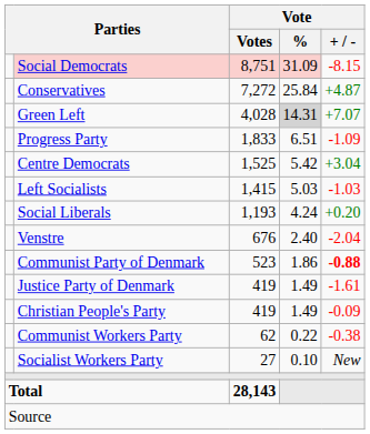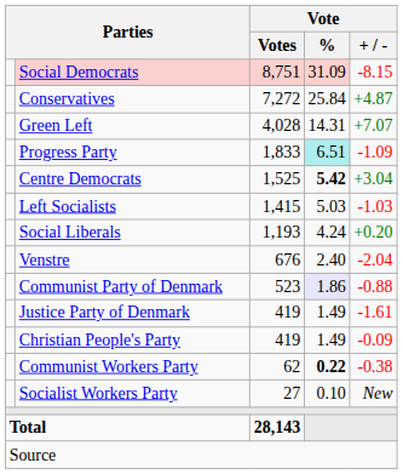 <table class="wikitable" style="text-align:right;">
 <tr>
 <th style="text-align:centre;" rowspan="2" colspan="2" width="225">Parties</th>
 <th colspan="3">Vote</th>
 </tr>
 <tr>
 <th width="15">Votes</th>
 <th width="15">%</th>
 <th width="15">+ / -</th>
 </tr>
 <tr>
 <td width="2" style="color:inherit;background:"></td>
 <td bgcolor=#fbd0ce  align="left"><a href='#'>Social Democrats</a></td>
 <td bgcolor=#fbd0ce>8,751</td>
 <td bgcolor=#fbd0ce>31.09</td>
 <td style=color:red;>-8.15</td>
 </tr>
 <tr>
 <td width="2" style="color:inherit;background:"></td>
 <td align="left"><a href='#'>Conservatives</a></td>
 <td>7,272</td>
 <td>25.84</td>
 <td style=color:green;>+4.87</td>
 </tr>
 <tr>
 <td width="2" style="color:inherit;background:"></td>
 <td align="left"><a href='#'>Green Left</a></td>
 <td>4,028</td>
-<td style="background: lightgrey;">14.31</td>
+<td>14.31</td>
 <td style=color:green;>+7.07</td>
 </tr>
 <tr>
 <td width="2" style="color:inherit;background:"></td>
 <td align="left"><a href='#'>Progress Party</a></td>
 <td>1,833</td>
-<td>6.51</td>
+<td style="background: paleturquoise;">6.51</td>
 <td style=color:red;>-1.09</td>
 </tr>
 <tr>
 <td width="2" style="color:inherit;background:"></td>
 <td align="left"><a href='#'>Centre Democrats</a></td>
 <td>1,525</td>
-<td>5.42</td>
+<td><strong>5.42</strong></td>
 <td style=color:green;>+3.04</td>
 </tr>
 <tr>
 <td width="2" style="color:inherit;background:"></td>
 <td align="left"><a href='#'>Left Socialists</a></td>
 <td>1,415</td>
 <td>5.03</td>
 <td style=color:red;>-1.03</td>
 </tr>
 <tr>
 <td width="2" style="color:inherit;background:"></td>
 <td align="left"><a href='#'>Social Liberals</a></td>
 <td>1,193</td>
 <td>4.24</td>
 <td style=color:green;>+0.20</td>
 </tr>
 <tr>
 <td width="2" style="color:inherit;background:"></td>
 <td align="left"><a href='#'>Venstre</a></td>
 <td>676</td>
 <td>2.40</td>
 <td style=color:red;>-2.04</td>
 </tr>
 <tr>
 <td width="2" style="color:inherit;background:"></td>
 <td align="left"><a href='#'>Communist Party of Denmark</a></td>
 <td>523</td>
-<td>1.86</td>
-<td style=color:red;><strong>-0.88</strong></td>
+<td style="background: lavender;">1.86</td>
+<td style=color:red;>-0.88</td>
 </tr>
 <tr>
 <td width="2" style="color:inherit;background:"></td>
 <td align="left"><a href='#'>Justice Party of Denmark</a></td>
 <td>419</td>
 <td>1.49</td>
 <td style=color:red;>-1.61</td>
 </tr>
 <tr>
 <td width="2" style="color:inherit;background:"></td>
 <td align="left"><a href='#'>Christian People's Party</a></td>
 <td>419</td>
 <td>1.49</td>
 <td style=color:red;>-0.09</td>
 </tr>
 <tr>
 <td width="2" style="color:inherit;background:"></td>
 <td align="left"><a href='#'>Communist Workers Party</a></td>
 <td>62</td>
-<td>0.22</td>
+<td><strong>0.22</strong></td>
 <td style=color:red;>-0.38</td>
 </tr>
 <tr>
 <td width="2" style="color:inherit;background:"></td>
 <td align="left"><a href='#'>Socialist Workers Party</a></td>
 <td>27</td>
 <td>0.10</td>
 <td><em>New</em></td>
 </tr>
 <tr>
 <td colspan="7" bgcolor="#E9E9E9"></td>
 </tr>
 <tr>
 <td align="left" colspan="2"><strong>Total</strong></td>
 <td><strong>28,143</strong></td>
 <td bgcolor="#E9E9E9" colspan="2"></td>
 </tr>
 <tr>
 <td align="left" colspan="6">Source</td>
 </tr>
 </table>
